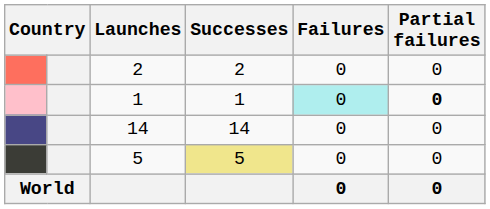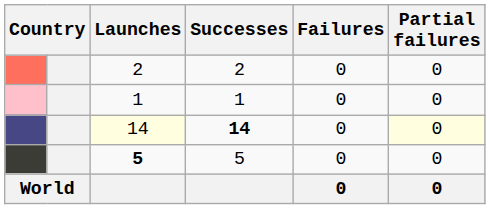 <table class="wikitable sortable" style="text-align:center;">
 <tr>
 <th colspan=2>Country</th>
 <th>Launches</th>
 <th>Successes</th>
 <th>Failures</th>
 <th>Partial <br> failures<br></th>
 </tr>
 <tr>
 <th style="background:#fe6f5e;"></th>
 <th style="text-align:left;"></th>
 <td>2</td>
 <td>2</td>
 <td>0</td>
 <td>0<br></td>
 </tr>
 <tr>
 <th style="background:#ffc0cb;"></th>
 <th style="text-align:left;"></th>
 <td>1</td>
 <td>1</td>
-<td style="background: paleturquoise;">0</td>
-<td><strong>0<br></strong></td>
+<td>0</td>
+<td>0<br></td>
 </tr>
 <tr>
 <th style="background:#484785;"></th>
 <th style="text-align:left;"></th>
-<td>14</td>
-<td>14</td>
+<td style="background: lightyellow;">14</td>
+<td><strong>14</strong></td>
 <td>0</td>
-<td>0</td>
+<td style="background: lightyellow;">0</td>
 </tr>
 <tr>
 <th style="background:#3b3c36;"></th>
 <th style="text-align:left;"></th>
+<td><strong>5</strong></td>
 <td>5</td>
-<td style="background: khaki;">5</td>
 <td>0</td>
 <td>0</td>
 </tr>
 <tr class="sortbottom">
 <th colspan="2">World</th>
 <th></th>
 <th></th>
 <th>0</th>
 <th>0</th>
 </tr>
 </table>
